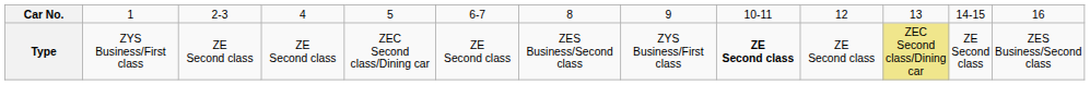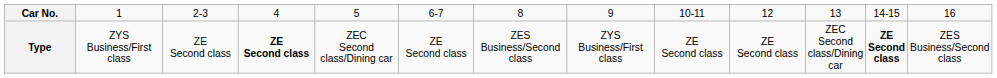 <table class="wikitable" style="text-align: center; font-size: small;">
 <tr>
 <th>Car No.</th>
 <td>1</td>
 <td>2-3</td>
 <td>4</td>
 <td>5</td>
 <td>6-7</td>
 <td>8</td>
 <td>9</td>
 <td>10-11</td>
 <td>12</td>
 <td>13</td>
 <td>14-15</td>
 <td>16</td>
 </tr>
 <tr>
 <th style="width: 10%;">Type</th>
 <td style="width: 10%;">ZYS<br>Business/First class</td>
 <td style="width: 10%;">ZE<br>Second class</td>
-<td style="width: 10%;">ZE<br>Second class </td>
+<td style="width: 10%;"><strong>ZE<br>Second class </strong></td>
 <td style="width: 10%;">ZEC<br>Second class/Dining car</td>
 <td style="width: 10%;">ZE<br>Second class</td>
 <td style="width: 10%;">ZES<br>Business/Second class</td>
 <td style="width: 10%;">ZYS<br>Business/First class</td>
+<td style="width: 10%;">ZE<br>Second class</td>
+<td style="width: 10%;">ZE<br>Second class </td>
+<td style="width: 10%;">ZEC<br>Second class/Dining car</td>
 <td style="width: 10%;"><strong>ZE<br>Second class</strong></td>
-<td style="width: 10%;">ZE<br>Second class </td>
-<td style="background: khaki; width: 10%;">ZEC<br>Second class/Dining car</td>
-<td style="width: 10%;">ZE<br>Second class</td>
 <td style="width: 10%;">ZES<br>Business/Second class</td>
 </tr>
 </table>
